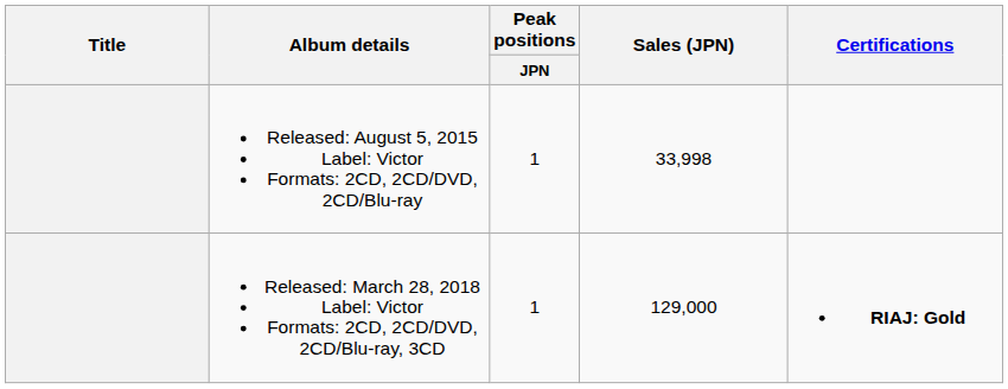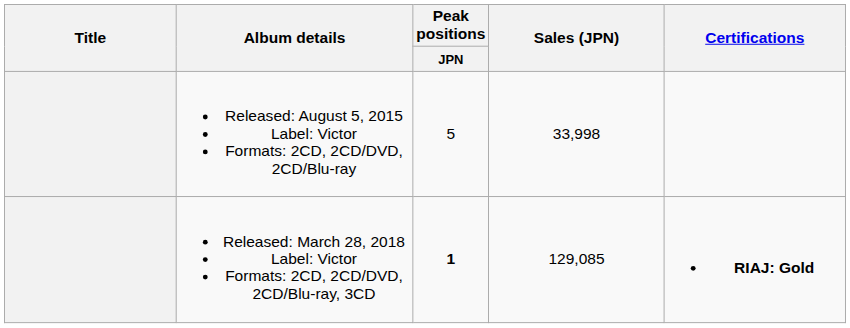 <table class="wikitable plainrowheaders" style="text-align:center;">
 <tr>
 <th style="width:12em;" rowspan="2">Title</th>
 <th style="width:16em;" rowspan="2">Album details</th>
 <th colspan="1">Peak positions</th>
 <th style="width:12em;" rowspan="2">Sales (JPN)</th>
 <th style="width:12em;" rowspan="2"><a href='#'>Certifications</a></th>
 </tr>
 <tr>
 <th style="width:2.5em;"><small>JPN</small><br></th>
 </tr>
 <tr>
 <th scope="row"></th>
 <td><br><ul><li>Released: August 5, 2015</li><li>Label: Victor</li><li>Formats: 2CD, 2CD/DVD, 2CD/Blu-ray</li></ul></td>
-<td>1</td>
+<td>5</td>
 <td>33,998</td>
 <td></td>
 </tr>
 <tr>
 <th scope="row"></th>
 <td><br><ul><li>Released: March 28, 2018</li><li>Label: Victor</li><li>Formats: 2CD, 2CD/DVD, 2CD/Blu-ray, 3CD</li></ul></td>
-<td>1</td>
-<td>129,000</td>
+<td><strong>1</strong></td>
+<td>129,085</td>
 <td><strong><br><ul><li>RIAJ: Gold</li></ul></strong></td>
 </tr>
 </table>
